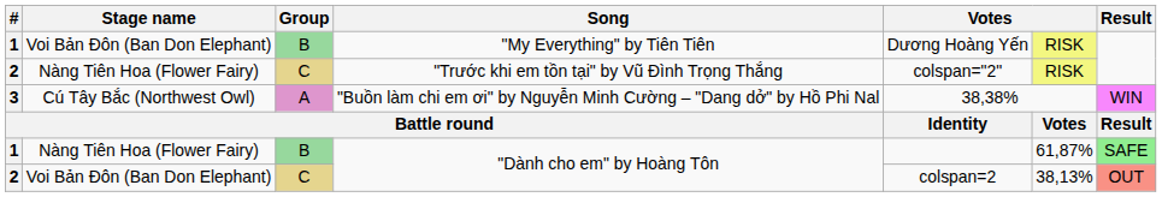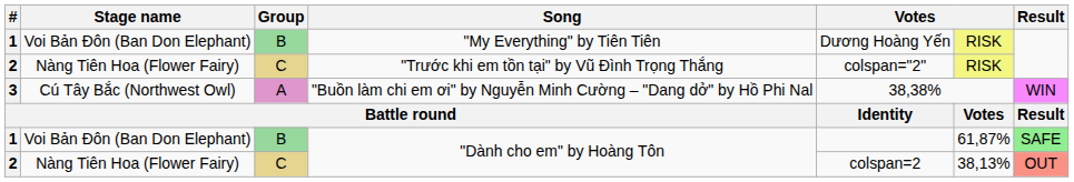 <table class="wikitable plainrowheaders" style="text-align: center;">
 <tr>
 <th>#</th>
 <th>Stage name</th>
 <th>Group</th>
 <th>Song</th>
 <th colspan="2">Votes</th>
 <th>Result</th>
 </tr>
 <tr>
 <th>1</th>
 <td>Voi Bản Đôn (Ban Don Elephant)</td>
 <td bgcolor="#97D89D">B</td>
 <td>"My Everything" by Tiên Tiên</td>
 <td>Dương Hoàng Yến</td>
 <td bgcolor="#F3F781">RISK</td>
 </tr>
 <tr>
 <th>2</th>
 <td>Nàng Tiên Hoa (Flower Fairy)</td>
 <td bgcolor="#E5D58E">C</td>
 <td>"Trước khi em tồn tại" by Vũ Đình Trọng Thắng</td>
 <td>colspan="2" </td>
 <td bgcolor="#F3F781">RISK</td>
 </tr>
 <tr>
 <th>3</th>
 <td>Cú Tây Bắc (Northwest Owl)</td>
 <td bgcolor="#DE96CD">A</td>
 <td>"Buồn làm chi em ơi" by Nguyễn Minh Cường – "Dang dở" by Hồ Phi Nal</td>
 <td colspan="2">38,38%</td>
 <td bgcolor="#F888FD">WIN</td>
 </tr>
 <tr>
 <th colspan="4">Battle round</th>
 <th>Identity</th>
 <th>Votes</th>
 <th>Result</th>
 </tr>
 <tr>
 <th>1</th>
-<td>Nàng Tiên Hoa (Flower Fairy)</td>
+<td>Voi Bản Đôn (Ban Don Elephant)</td>
 <td bgcolor="#97D89D">B</td>
 <td rowspan="2">"Dành cho em" by Hoàng Tôn</td>
 <td></td>
 <td>61,87%</td>
 <td bgcolor=lightgreen>SAFE</td>
 </tr>
 <tr>
 <th>2</th>
-<td>Voi Bản Đôn (Ban Don Elephant)</td>
+<td>Nàng Tiên Hoa (Flower Fairy)</td>
 <td bgcolor="#E5D58E">C</td>
 <td>colspan=2 </td>
 <td>38,13%</td>
 <td bgcolor="#F99185">OUT</td>
 </tr>
 </table>
